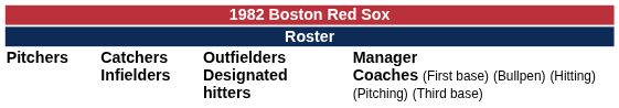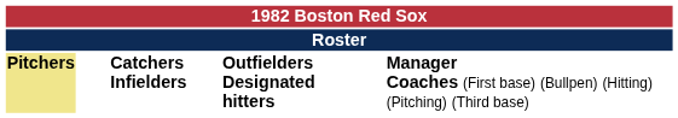 <table class="toccolours" style="text-align: left;">
 <tr>
 <th colspan="10" style="background-color: #ba313c; color: white; text-align: center;">1982 Boston Red Sox</th>
 </tr>
 <tr>
 <td colspan="10" style="background-color: #0d2b56; color: white; text-align: center;"><strong>Roster</strong></td>
 </tr>
 <tr>
-<td valign="top"><strong>Pitchers</strong><br>             </td>
+<td valign="top" style="background: khaki;"><strong>Pitchers</strong><br>             </td>
 <td width="25px"></td>
 <td valign="top"><strong>Catchers</strong><br>    <strong>Infielders</strong>        </td>
 <td width="25px"></td>
 <td valign="top"><strong>Outfielders</strong><br>     <strong>Designated hitters</strong>  </td>
 <td width="25px"></td>
 <td valign="top"><strong>Manager</strong><br> <strong>Coaches</strong>  <small>(First base)</small>  <small>(Bullpen)</small>  <small>(Hitting)</small>  <small>(Pitching)</small>  <small>(Third base)</small></td>
 </tr>
 <tr>
 </tr>
 </table>
